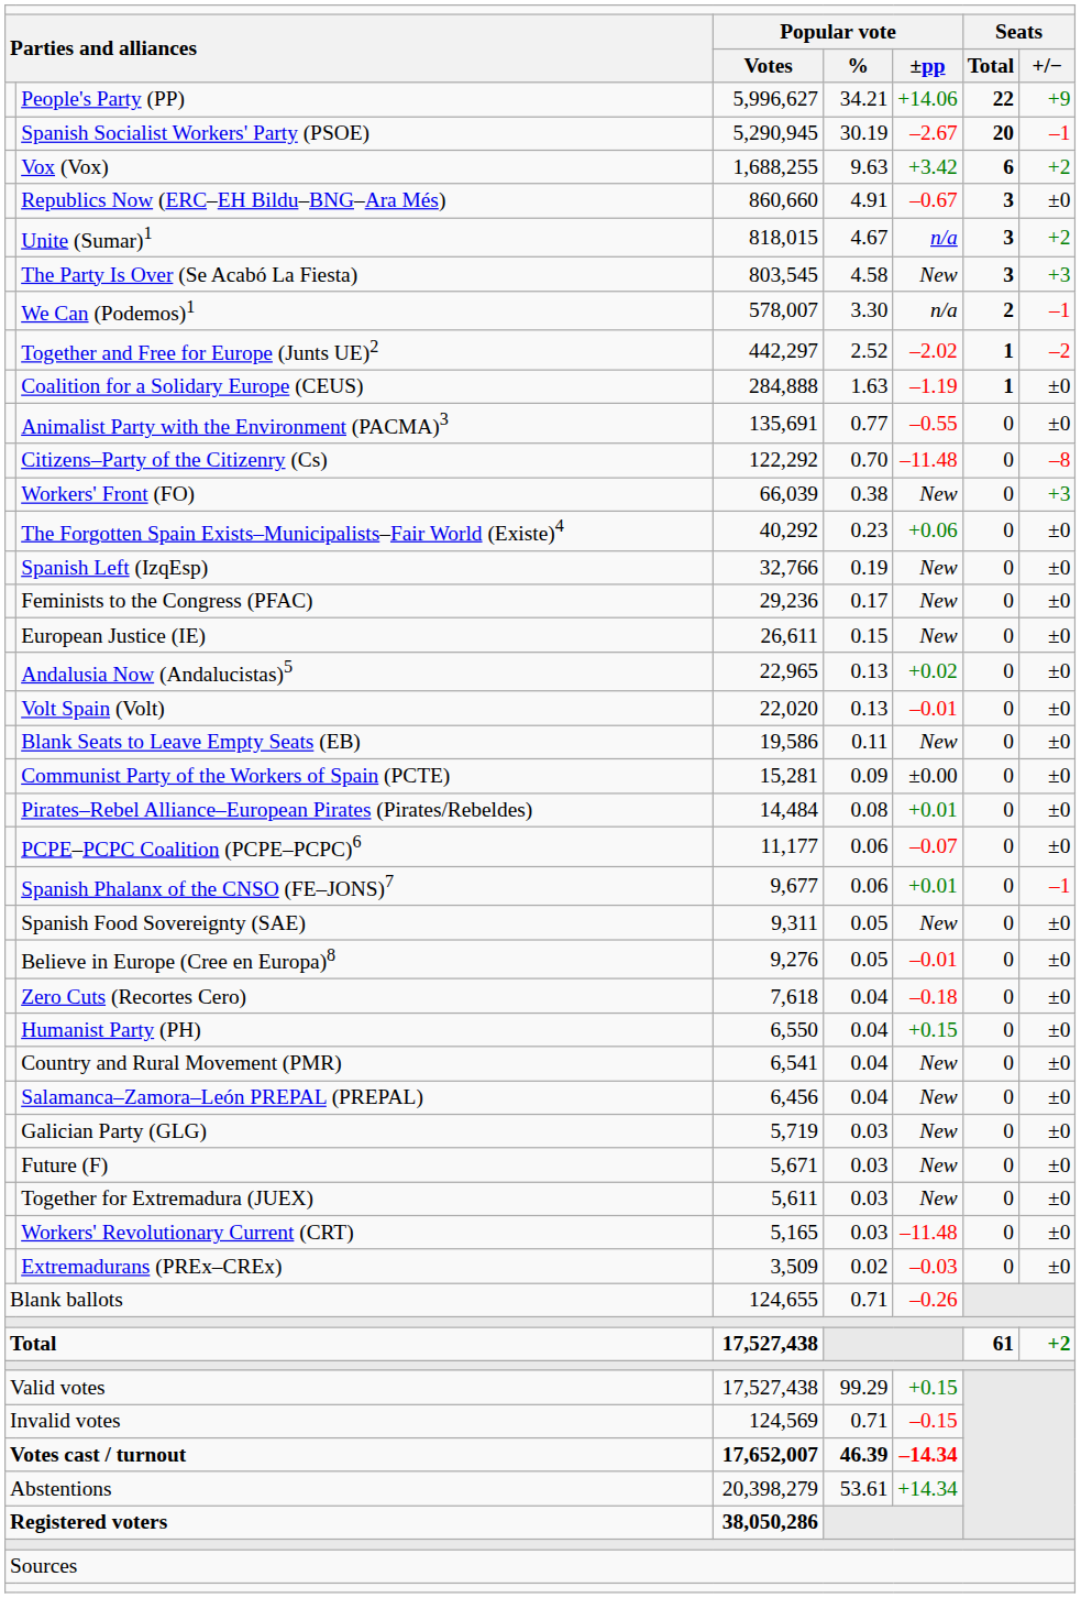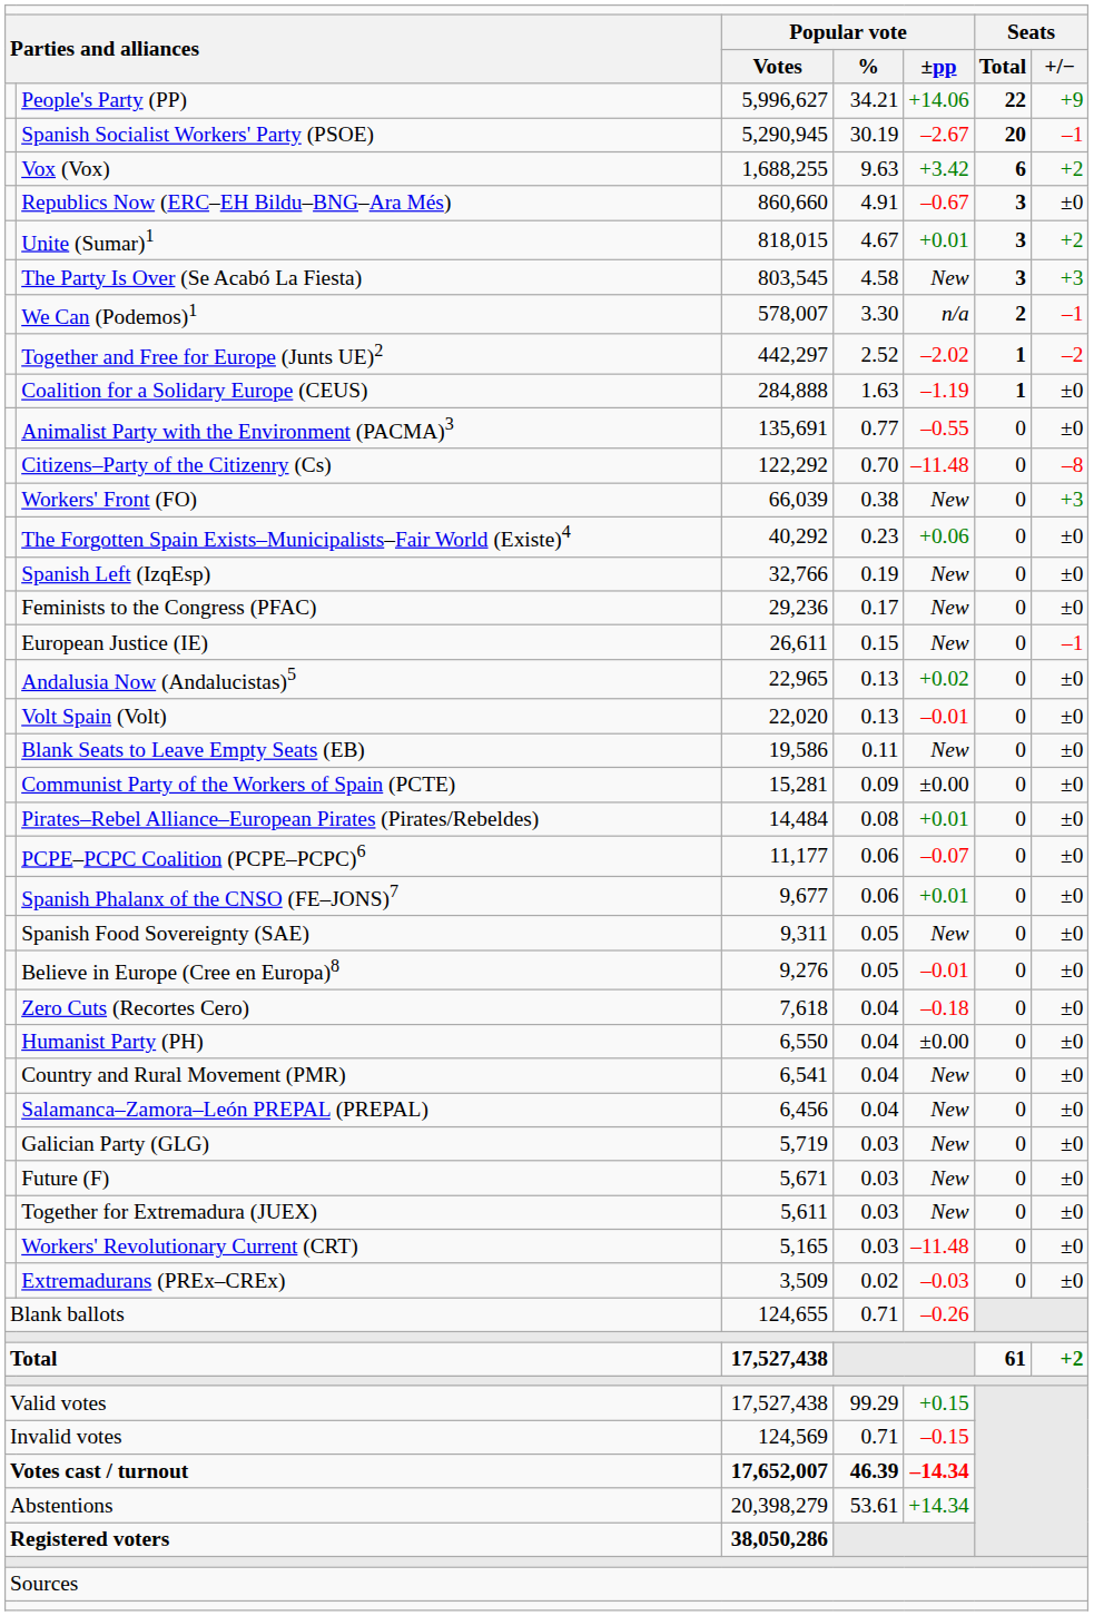 <table class="wikitable" style="text-align:right;">
 <tr>
 <td colspan="7"></td>
 </tr>
 <tr>
 <th style="text-align:left;" rowspan="2" colspan="2" width="525">Parties and alliances</th>
 <th colspan="3">Popular vote</th>
 <th colspan="2">Seats</th>
 </tr>
 <tr>
 <th width="75">Votes</th>
 <th width="45">%</th>
 <th width="45">±<a href='#'>pp</a></th>
 <th width="35">Total</th>
 <th width="35">+/−</th>
 </tr>
 <tr>
 <td width="1" style="color:inherit;background:"></td>
 <td align="left"><a href='#'>People's Party</a> (PP)</td>
 <td>5,996,627</td>
 <td>34.21</td>
 <td style="color:green;">+14.06</td>
 <td><strong>22</strong></td>
 <td style="color:green;">+9</td>
 </tr>
 <tr>
 <td style="color:inherit;background:"></td>
 <td align="left"><a href='#'>Spanish Socialist Workers' Party</a> (PSOE)</td>
 <td>5,290,945</td>
 <td>30.19</td>
 <td style="color:red;">–2.67</td>
 <td><strong>20</strong></td>
 <td style="color:red;">–1</td>
 </tr>
 <tr>
 <td style="color:inherit;background:"></td>
 <td align="left"><a href='#'>Vox</a> (Vox)</td>
 <td>1,688,255</td>
 <td>9.63</td>
 <td style="color:green;">+3.42</td>
 <td><strong>6</strong></td>
 <td style="color:green;">+2</td>
 </tr>
 <tr>
 <td style="color:inherit;background:"></td>
 <td align="left"><a href='#'>Republics Now</a> (<a href='#'>ERC</a>–<a href='#'>EH Bildu</a>–<a href='#'>BNG</a>–<a href='#'>Ara Més</a>)</td>
 <td>860,660</td>
 <td>4.91</td>
 <td style="color:red;">–0.67</td>
 <td><strong>3</strong></td>
 <td>±0</td>
 </tr>
 <tr>
 <td style="color:inherit;background:"></td>
 <td align="left"><a href='#'>Unite</a> (Sumar)<sup>1</sup></td>
 <td>818,015</td>
 <td>4.67</td>
-<td><em><a href='#'>n/a</a></em></td>
+<td style="color:green;">+0.01</td>
 <td><strong>3</strong></td>
 <td style="color:green;">+2</td>
 </tr>
 <tr>
 <td style="color:inherit;background:"></td>
 <td align="left"><a href='#'>The Party Is Over</a> (Se Acabó La Fiesta)</td>
 <td>803,545</td>
 <td>4.58</td>
 <td><em>New</em></td>
 <td><strong>3</strong></td>
 <td style="color:green;">+3</td>
 </tr>
 <tr>
 <td style="color:inherit;background:"></td>
 <td align="left"><a href='#'>We Can</a> (Podemos)<sup>1</sup></td>
 <td>578,007</td>
 <td>3.30</td>
 <td><em>n/a</em></td>
 <td><strong>2</strong></td>
 <td style="color:red;">–1</td>
 </tr>
 <tr>
 <td style="color:inherit;background:"></td>
 <td align="left"><a href='#'>Together and Free for Europe</a> (Junts UE)<sup>2</sup></td>
 <td>442,297</td>
 <td>2.52</td>
 <td style="color:red;">–2.02</td>
 <td><strong>1</strong></td>
 <td style="color:red;">–2</td>
 </tr>
 <tr>
 <td style="color:inherit;background:"></td>
 <td align="left"><a href='#'>Coalition for a Solidary Europe</a> (CEUS)</td>
 <td>284,888</td>
 <td>1.63</td>
 <td style="color:red;">–1.19</td>
 <td><strong>1</strong></td>
 <td>±0</td>
 </tr>
 <tr>
 <td style="color:inherit;background:"></td>
 <td align="left"><a href='#'>Animalist Party with the Environment</a> (PACMA)<sup>3</sup></td>
 <td>135,691</td>
 <td>0.77</td>
 <td style="color:red;">–0.55</td>
 <td>0</td>
 <td>±0</td>
 </tr>
 <tr>
 <td style="color:inherit;background:"></td>
 <td align="left"><a href='#'>Citizens–Party of the Citizenry</a> (Cs)</td>
 <td>122,292</td>
 <td>0.70</td>
 <td style="color:red;">–11.48</td>
 <td>0</td>
 <td style="color:red;">–8</td>
 </tr>
 <tr>
 <td style="color:inherit;background:"></td>
 <td align="left"><a href='#'>Workers' Front</a> (FO)</td>
 <td>66,039</td>
 <td>0.38</td>
 <td><em>New</em></td>
 <td>0</td>
 <td style="color:green;">+3</td>
 </tr>
 <tr>
 <td style="color:inherit;background:"></td>
 <td align="left"><a href='#'>The Forgotten Spain Exists–Municipalists</a>–<a href='#'>Fair World</a> (Existe)<sup>4</sup></td>
 <td>40,292</td>
 <td>0.23</td>
 <td style="color:green;">+0.06</td>
 <td>0</td>
 <td>±0</td>
 </tr>
 <tr>
 <td style="color:inherit;background:"></td>
 <td align="left"><a href='#'>Spanish Left</a> (IzqEsp)</td>
 <td>32,766</td>
 <td>0.19</td>
 <td><em>New</em></td>
 <td>0</td>
 <td>±0</td>
 </tr>
 <tr>
 <td style="color:inherit;background:"></td>
 <td align="left">Feminists to the Congress (PFAC)</td>
 <td>29,236</td>
 <td>0.17</td>
 <td><em>New</em></td>
 <td>0</td>
 <td>±0</td>
 </tr>
 <tr>
 <td style="color:inherit;background:"></td>
 <td align="left">European Justice (IE)</td>
 <td>26,611</td>
 <td>0.15</td>
 <td><em>New</em></td>
 <td>0</td>
-<td>±0</td>
+<td style="color:red;">–1</td>
 </tr>
 <tr>
 <td style="color:inherit;background:"></td>
 <td align="left"><a href='#'>Andalusia Now</a> (Andalucistas)<sup>5</sup></td>
 <td>22,965</td>
 <td>0.13</td>
 <td style="color:green;">+0.02</td>
 <td>0</td>
 <td>±0</td>
 </tr>
 <tr>
 <td style="color:inherit;background:"></td>
 <td align="left"><a href='#'>Volt Spain</a> (Volt)</td>
 <td>22,020</td>
 <td>0.13</td>
 <td style="color:red;">–0.01</td>
 <td>0</td>
 <td>±0</td>
 </tr>
 <tr>
 <td style="color:inherit;background:"></td>
 <td align="left"><a href='#'>Blank Seats to Leave Empty Seats</a> (EB)</td>
 <td>19,586</td>
 <td>0.11</td>
 <td><em>New</em></td>
 <td>0</td>
 <td>±0</td>
 </tr>
 <tr>
 <td style="color:inherit;background:"></td>
 <td align="left"><a href='#'>Communist Party of the Workers of Spain</a> (PCTE)</td>
 <td>15,281</td>
 <td>0.09</td>
 <td>±0.00</td>
 <td>0</td>
 <td>±0</td>
 </tr>
 <tr>
 <td style="color:inherit;background:"></td>
 <td align="left"><a href='#'>Pirates–Rebel Alliance–European Pirates</a> (Pirates/Rebeldes)</td>
 <td>14,484</td>
 <td>0.08</td>
 <td style="color:green;">+0.01</td>
 <td>0</td>
 <td>±0</td>
 </tr>
 <tr>
 <td style="color:inherit;background:"></td>
 <td align="left"><a href='#'>PCPE</a>–<a href='#'>PCPC Coalition</a> (PCPE–PCPC)<sup>6</sup></td>
 <td>11,177</td>
 <td>0.06</td>
 <td style="color:red;">–0.07</td>
 <td>0</td>
 <td>±0</td>
 </tr>
 <tr>
 <td style="color:inherit;background:"></td>
 <td align="left"><a href='#'>Spanish Phalanx of the CNSO</a> (FE–JONS)<sup>7</sup></td>
 <td>9,677</td>
 <td>0.06</td>
 <td style="color:green;">+0.01</td>
 <td>0</td>
-<td style="color:red;">–1</td>
+<td>±0</td>
 </tr>
 <tr>
 <td style="color:inherit;background:"></td>
 <td align="left">Spanish Food Sovereignty (SAE)</td>
 <td>9,311</td>
 <td>0.05</td>
 <td><em>New</em></td>
 <td>0</td>
 <td>±0</td>
 </tr>
 <tr>
 <td style="color:inherit;background:"></td>
 <td align="left">Believe in Europe (Cree en Europa)<sup>8</sup></td>
 <td>9,276</td>
 <td>0.05</td>
 <td style="color:red;">–0.01</td>
 <td>0</td>
 <td>±0</td>
 </tr>
 <tr>
 <td style="color:inherit;background:"></td>
 <td align="left"><a href='#'>Zero Cuts</a> (Recortes Cero)</td>
 <td>7,618</td>
 <td>0.04</td>
 <td style="color:red;">–0.18</td>
 <td>0</td>
 <td>±0</td>
 </tr>
 <tr>
 <td style="color:inherit;background:"></td>
 <td align="left"><a href='#'>Humanist Party</a> (PH)</td>
 <td>6,550</td>
 <td>0.04</td>
-<td style="color:green;">+0.15</td>
+<td>±0.00</td>
 <td>0</td>
 <td>±0</td>
 </tr>
 <tr>
 <td style="color:inherit;background:"></td>
 <td align="left">Country and Rural Movement (PMR)</td>
 <td>6,541</td>
 <td>0.04</td>
 <td><em>New</em></td>
 <td>0</td>
 <td>±0</td>
 </tr>
 <tr>
 <td style="color:inherit;background:"></td>
 <td align="left"><a href='#'>Salamanca–Zamora–León PREPAL</a> (PREPAL)</td>
 <td>6,456</td>
 <td>0.04</td>
 <td><em>New</em></td>
 <td>0</td>
 <td>±0</td>
 </tr>
 <tr>
 <td style="color:inherit;background:"></td>
 <td align="left">Galician Party (GLG)</td>
 <td>5,719</td>
 <td>0.03</td>
 <td><em>New</em></td>
 <td>0</td>
 <td>±0</td>
 </tr>
 <tr>
 <td style="color:inherit;background:"></td>
 <td align="left">Future (F)</td>
 <td>5,671</td>
 <td>0.03</td>
 <td><em>New</em></td>
 <td>0</td>
 <td>±0</td>
 </tr>
 <tr>
 <td style="color:inherit;background:"></td>
 <td align="left">Together for Extremadura (JUEX)</td>
 <td>5,611</td>
 <td>0.03</td>
 <td><em>New</em></td>
 <td>0</td>
 <td>±0</td>
 </tr>
 <tr>
 <td style="color:inherit;background:"></td>
 <td align="left"><a href='#'>Workers' Revolutionary Current</a> (CRT)</td>
 <td>5,165</td>
 <td>0.03</td>
 <td style="color:red;">–11.48</td>
 <td>0</td>
 <td>±0</td>
 </tr>
 <tr>
 <td style="color:inherit;background:"></td>
 <td align="left"><a href='#'>Extremadurans</a> (PREx–CREx)</td>
 <td>3,509</td>
 <td>0.02</td>
 <td style="color:red;">–0.03</td>
 <td>0</td>
 <td>±0</td>
 </tr>
 <tr>
 <td align="left" colspan="2">Blank ballots</td>
 <td>124,655</td>
 <td>0.71</td>
 <td style="color:red;">–0.26</td>
 <td bgcolor="#E9E9E9" colspan="2"></td>
 </tr>
 <tr>
 <td colspan="7" bgcolor="#E9E9E9"></td>
 </tr>
 <tr style="font-weight:bold;">
 <td align="left" colspan="2">Total</td>
 <td>17,527,438</td>
 <td bgcolor="#E9E9E9" colspan="2"></td>
 <td>61</td>
 <td style="color:green;">+2</td>
 </tr>
 <tr>
 <td colspan="7" bgcolor="#E9E9E9"></td>
 </tr>
 <tr>
 <td align="left" colspan="2">Valid votes</td>
 <td>17,527,438</td>
 <td>99.29</td>
 <td style="color:green;">+0.15</td>
 <td bgcolor="#E9E9E9" colspan="2" rowspan="5"></td>
 </tr>
 <tr>
 <td align="left" colspan="2">Invalid votes</td>
 <td>124,569</td>
 <td>0.71</td>
 <td style="color:red;">–0.15</td>
 </tr>
 <tr style="font-weight:bold;">
 <td align="left" colspan="2">Votes cast / turnout</td>
 <td>17,652,007</td>
 <td>46.39</td>
 <td style="color:red;">–14.34</td>
 </tr>
 <tr>
 <td align="left" colspan="2">Abstentions</td>
 <td>20,398,279</td>
 <td>53.61</td>
 <td style="color:green;">+14.34</td>
 </tr>
 <tr style="font-weight:bold;">
 <td align="left" colspan="2">Registered voters</td>
 <td>38,050,286</td>
 <td bgcolor="#E9E9E9" colspan="2"></td>
 </tr>
 <tr>
 <td colspan="7" bgcolor="#E9E9E9"></td>
 </tr>
 <tr>
 <td align="left" colspan="7">Sources</td>
 </tr>
 <tr>
 <td colspan="7" style="text-align:left; max-width:790px;"></td>
 </tr>
 </table>
